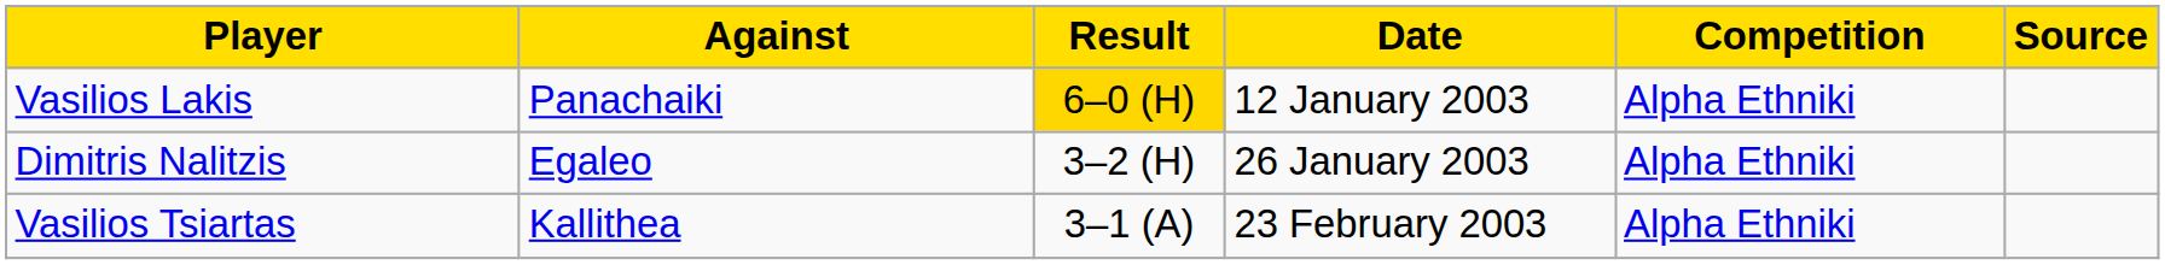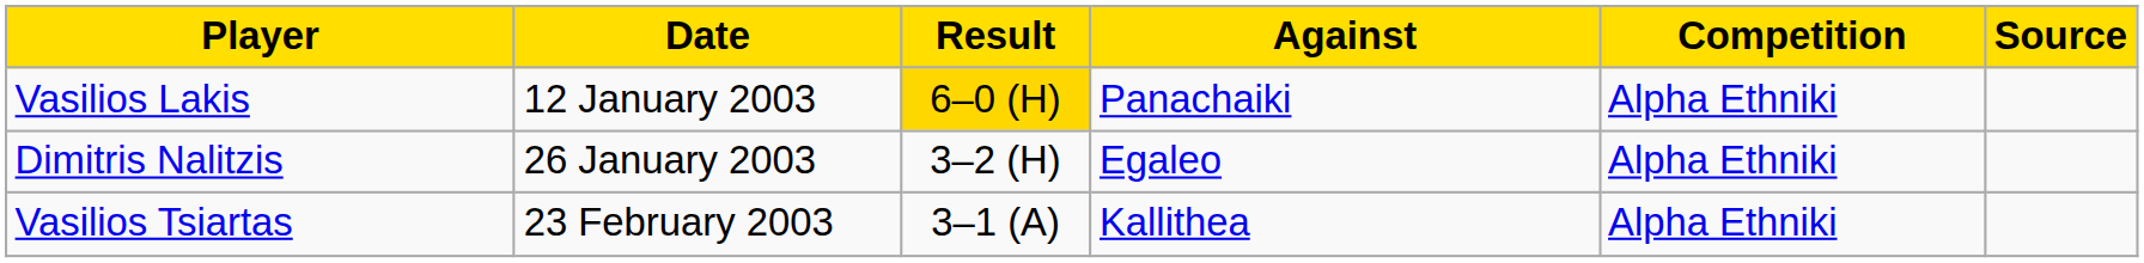 <table class="wikitable">
 <tr>
 <th width=200 style="background:#FFDE00">Player</th>
+<th width=150 style="background:#FFDE00">Date</th>
+<th width=70 style="background:#FFDE00">Result</th>
 <th width=200 style="background:#FFDE00">Against</th>
-<th width=70 style="background:#FFDE00">Result</th>
-<th width=150 style="background:#FFDE00">Date</th>
 <th width=150 style="background:#FFDE00">Competition</th>
 <th style="background:#FFDE00">Source</th>
 </tr>
 <tr>
 <td> <a href='#'>Vasilios Lakis</a></td>
+<td>12 January 2003</td>
+<td align=center style="background: gold;">6–0 (H)</td>
 <td> <a href='#'>Panachaiki</a></td>
-<td align=center style="background: gold;">6–0 (H)</td>
-<td>12 January 2003</td>
 <td><a href='#'>Alpha Ethniki</a></td>
 <td align=center></td>
 </tr>
 <tr>
 <td> <a href='#'>Dimitris Nalitzis</a></td>
+<td>26 January 2003</td>
+<td align=center>3–2 (H)</td>
 <td> <a href='#'>Egaleo</a></td>
-<td align=center>3–2 (H)</td>
-<td>26 January 2003</td>
 <td><a href='#'>Alpha Ethniki</a></td>
 <td align=center></td>
 </tr>
 <tr>
 <td> <a href='#'>Vasilios Tsiartas</a></td>
+<td>23 February 2003</td>
+<td align=center>3–1 (A)</td>
 <td> <a href='#'>Kallithea</a></td>
-<td align=center>3–1 (A)</td>
-<td>23 February 2003</td>
 <td><a href='#'>Alpha Ethniki</a></td>
 <td align=center></td>
 </tr>
 </table>
